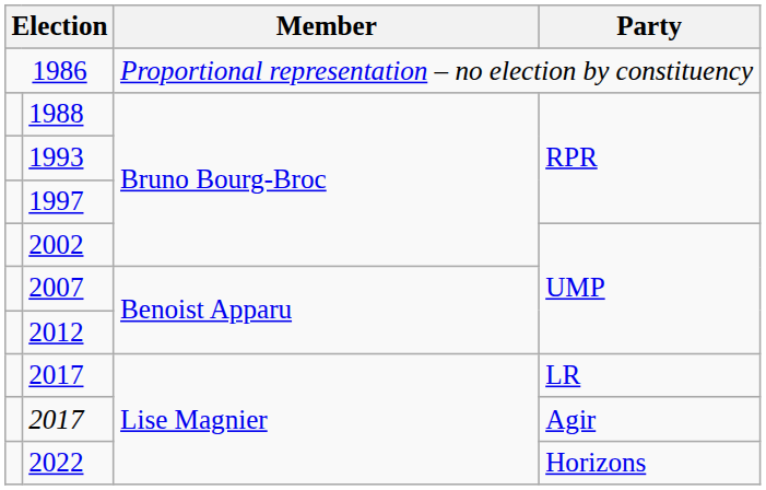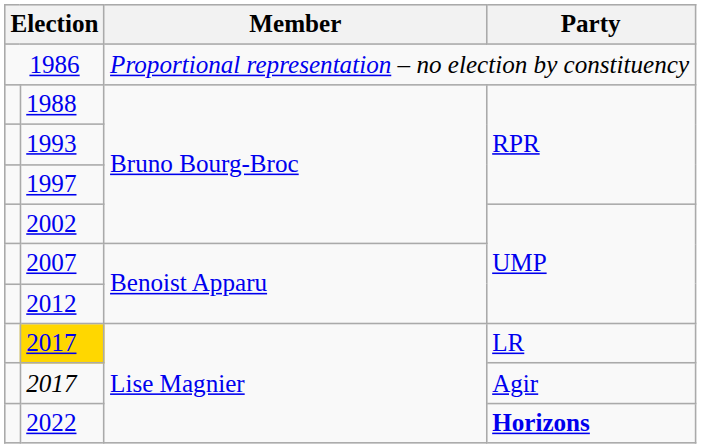 <table class="wikitable">
 <tr>
 <th colspan="2">Election</th>
 <th>Member</th>
 <th>Party</th>
 </tr>
 <tr>
 <td colspan="2" align="center"><a href='#'>1986</a></td>
 <td colspan="2"><em><a href='#'>Proportional representation</a> – no election by constituency</em></td>
 </tr>
 <tr>
 <td style="color:inherit;background-color: "></td>
 <td><a href='#'>1988</a></td>
 <td rowspan="4"><a href='#'>Bruno Bourg-Broc</a></td>
 <td rowspan="3"><a href='#'>RPR</a></td>
 </tr>
 <tr>
 <td style="color:inherit;background-color: "></td>
 <td><a href='#'>1993</a></td>
 </tr>
 <tr>
 <td style="color:inherit;background-color: "></td>
 <td><a href='#'>1997</a></td>
 </tr>
 <tr>
 <td style="color:inherit;background-color: "></td>
 <td><a href='#'>2002</a></td>
 <td rowspan="3"><a href='#'>UMP</a></td>
 </tr>
 <tr>
 <td style="color:inherit;background-color: "></td>
 <td><a href='#'>2007</a></td>
 <td rowspan="2"><a href='#'>Benoist Apparu</a></td>
 </tr>
 <tr>
 <td style="color:inherit;background-color: "></td>
 <td><a href='#'>2012</a></td>
 </tr>
 <tr>
 <td style="color:inherit;background-color: "></td>
-<td><a href='#'>2017</a></td>
+<td style="background: gold;"><a href='#'>2017</a></td>
 <td rowspan="3"><a href='#'>Lise Magnier</a></td>
 <td><a href='#'>LR</a></td>
 </tr>
 <tr>
 <td style="color:inherit;background-color: "></td>
 <td><em>2017</em></td>
 <td><a href='#'>Agir</a></td>
 </tr>
 <tr>
 <td style="color:inherit;background-color: "></td>
 <td><a href='#'>2022</a></td>
-<td><a href='#'>Horizons</a></td>
+<td><strong><a href='#'>Horizons</a></strong></td>
 </tr>
 </table>
